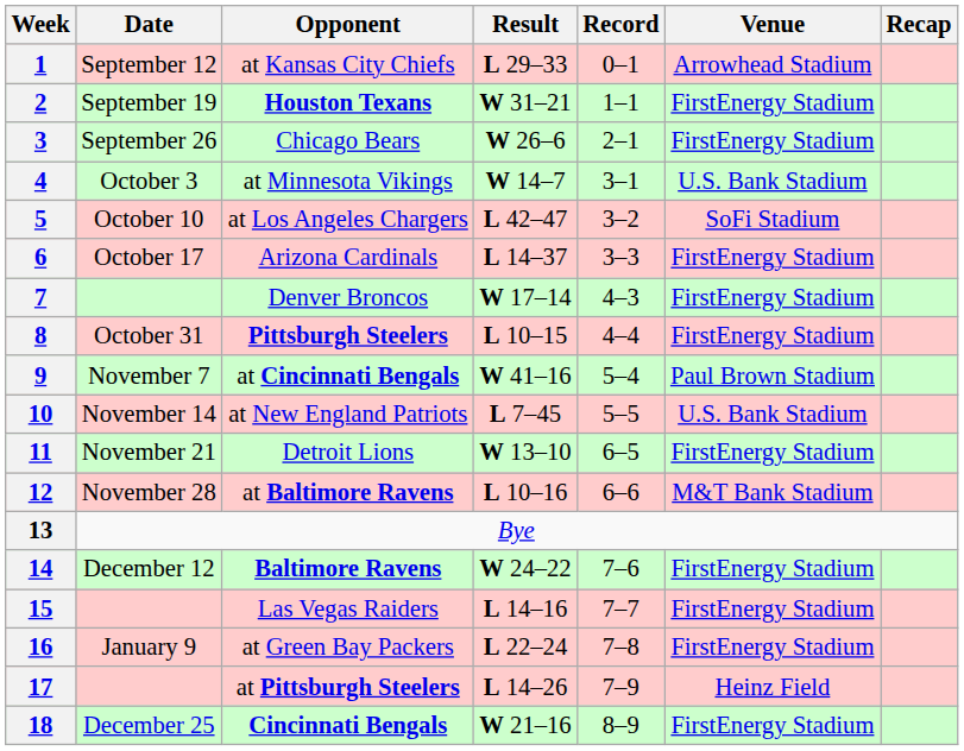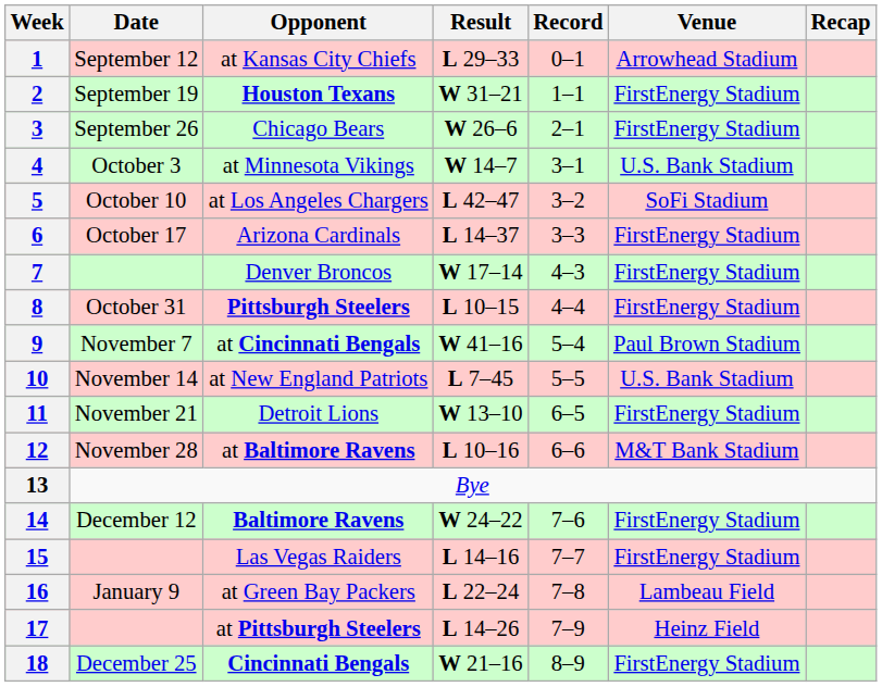 <table class="wikitable" style="text-align:center">
 <tr>
 <th>Week</th>
 <th>Date</th>
 <th>Opponent</th>
 <th>Result</th>
 <th>Record</th>
 <th>Venue</th>
 <th>Recap</th>
 </tr>
 <tr style="background:#fcc">
 <th><a href='#'>1</a></th>
 <td>September 12</td>
 <td>at <a href='#'>Kansas City Chiefs</a></td>
 <td><strong>L</strong> 29–33</td>
 <td>0–1</td>
 <td><a href='#'>Arrowhead Stadium</a></td>
 <td></td>
 </tr>
 <tr style="background:#cfc">
 <th><a href='#'>2</a></th>
 <td>September 19</td>
 <td><strong><a href='#'>Houston Texans</a></strong></td>
 <td><strong>W</strong> 31–21</td>
 <td>1–1</td>
 <td><a href='#'>FirstEnergy Stadium</a></td>
 <td></td>
 </tr>
 <tr style="background:#cfc">
 <th><a href='#'>3</a></th>
 <td>September 26</td>
 <td><a href='#'>Chicago Bears</a></td>
 <td><strong>W</strong> 26–6</td>
 <td>2–1</td>
 <td><a href='#'>FirstEnergy Stadium</a></td>
 <td></td>
 </tr>
 <tr style="background:#cfc">
 <th><a href='#'>4</a></th>
 <td>October 3</td>
 <td>at <a href='#'>Minnesota Vikings</a></td>
 <td><strong>W</strong> 14–7</td>
 <td>3–1</td>
 <td><a href='#'>U.S. Bank Stadium</a></td>
 <td></td>
 </tr>
 <tr style="background:#fcc">
 <th><a href='#'>5</a></th>
 <td>October 10</td>
 <td>at <a href='#'>Los Angeles Chargers</a></td>
 <td><strong>L</strong> 42–47</td>
 <td>3–2</td>
 <td><a href='#'>SoFi Stadium</a></td>
 <td></td>
 </tr>
 <tr style="background:#fcc">
 <th><a href='#'>6</a></th>
 <td>October 17</td>
 <td><a href='#'>Arizona Cardinals</a></td>
 <td><strong>L</strong> 14–37</td>
 <td>3–3</td>
 <td><a href='#'>FirstEnergy Stadium</a></td>
 <td></td>
 </tr>
 <tr style="background:#cfc">
 <th><a href='#'>7</a></th>
 <td></td>
 <td><a href='#'>Denver Broncos</a></td>
 <td><strong>W</strong> 17–14</td>
 <td>4–3</td>
 <td><a href='#'>FirstEnergy Stadium</a></td>
 <td></td>
 </tr>
 <tr style="background:#fcc">
 <th><a href='#'>8</a></th>
 <td>October 31</td>
 <td><strong><a href='#'>Pittsburgh Steelers</a></strong></td>
 <td><strong>L</strong> 10–15</td>
 <td>4–4</td>
 <td><a href='#'>FirstEnergy Stadium</a></td>
 <td></td>
 </tr>
 <tr style="background:#cfc">
 <th><a href='#'>9</a></th>
 <td>November 7</td>
 <td>at <strong><a href='#'>Cincinnati Bengals</a></strong></td>
 <td><strong>W</strong> 41–16</td>
 <td>5–4</td>
 <td><a href='#'>Paul Brown Stadium</a></td>
 <td></td>
 </tr>
 <tr style="background:#fcc">
 <th><a href='#'>10</a></th>
 <td>November 14</td>
 <td>at <a href='#'>New England Patriots</a></td>
 <td><strong>L</strong> 7–45</td>
 <td>5–5</td>
 <td><a href='#'>U.S. Bank Stadium</a></td>
 <td></td>
 </tr>
 <tr style="background:#cfc">
 <th><a href='#'>11</a></th>
 <td>November 21</td>
 <td><a href='#'>Detroit Lions</a></td>
 <td><strong>W</strong> 13–10</td>
 <td>6–5</td>
 <td><a href='#'>FirstEnergy Stadium</a></td>
 <td></td>
 </tr>
 <tr style="background:#fcc">
 <th><a href='#'>12</a></th>
 <td>November 28</td>
 <td>at <strong><a href='#'>Baltimore Ravens</a></strong></td>
 <td><strong>L</strong> 10–16</td>
 <td>6–6</td>
 <td><a href='#'>M&T Bank Stadium</a></td>
 <td></td>
 </tr>
 <tr>
 <th>13</th>
 <td colspan="6"><em><a href='#'>Bye</a></em></td>
 </tr>
 <tr style="background:#cfc">
 <th><a href='#'>14</a></th>
 <td>December 12</td>
 <td><strong><a href='#'>Baltimore Ravens</a></strong></td>
 <td><strong>W</strong> 24–22</td>
 <td>7–6</td>
 <td><a href='#'>FirstEnergy Stadium</a></td>
 <td></td>
 </tr>
 <tr style="background:#fcc">
 <th><a href='#'>15</a></th>
 <td></td>
 <td><a href='#'>Las Vegas Raiders</a></td>
 <td><strong>L</strong> 14–16</td>
 <td>7–7</td>
 <td><a href='#'>FirstEnergy Stadium</a></td>
 <td></td>
 </tr>
 <tr style="background:#fcc">
 <th><a href='#'>16</a></th>
 <td>January 9</td>
 <td>at <a href='#'>Green Bay Packers</a></td>
 <td><strong>L</strong> 22–24</td>
 <td>7–8</td>
-<td><a href='#'>FirstEnergy Stadium</a></td>
+<td><a href='#'>Lambeau Field</a></td>
 <td></td>
 </tr>
 <tr style="background:#fcc">
 <th><a href='#'>17</a></th>
 <td></td>
 <td>at <strong><a href='#'>Pittsburgh Steelers</a></strong></td>
 <td><strong>L</strong> 14–26</td>
 <td>7–9</td>
 <td><a href='#'>Heinz Field</a></td>
 <td></td>
 </tr>
 <tr style="background:#cfc">
 <th><a href='#'>18</a></th>
 <td><a href='#'>December 25</a></td>
 <td><strong><a href='#'>Cincinnati Bengals</a></strong></td>
 <td><strong>W</strong> 21–16</td>
 <td>8–9</td>
 <td><a href='#'>FirstEnergy Stadium</a></td>
 <td></td>
 </tr>
 </table>
